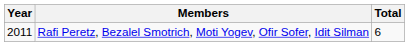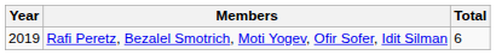 <table class="wikitable">
 <tr>
 <th>Year</th>
 <th>Members</th>
 <th>Total</th>
 </tr>
 <tr>
-<td>2011</td>
+<td>2019</td>
 <td><a href='#'>Rafi Peretz</a>, <a href='#'>Bezalel Smotrich</a>, <a href='#'>Moti Yogev</a>, <a href='#'>Ofir Sofer</a>, <a href='#'>Idit Silman</a></td>
 <td>6</td>
 </tr>
 </table>
